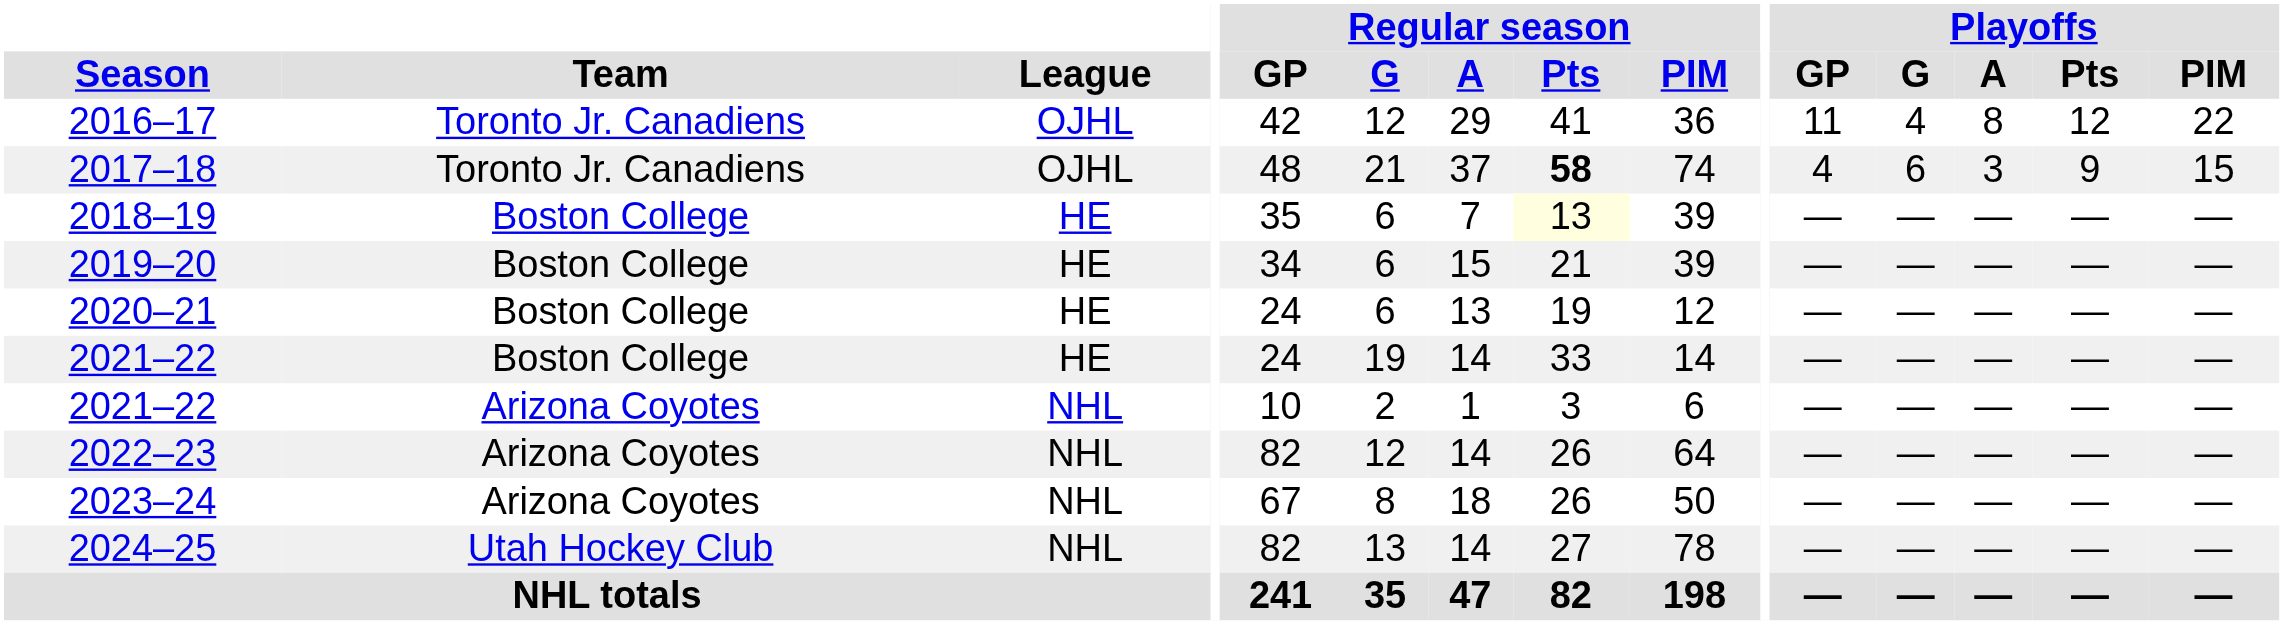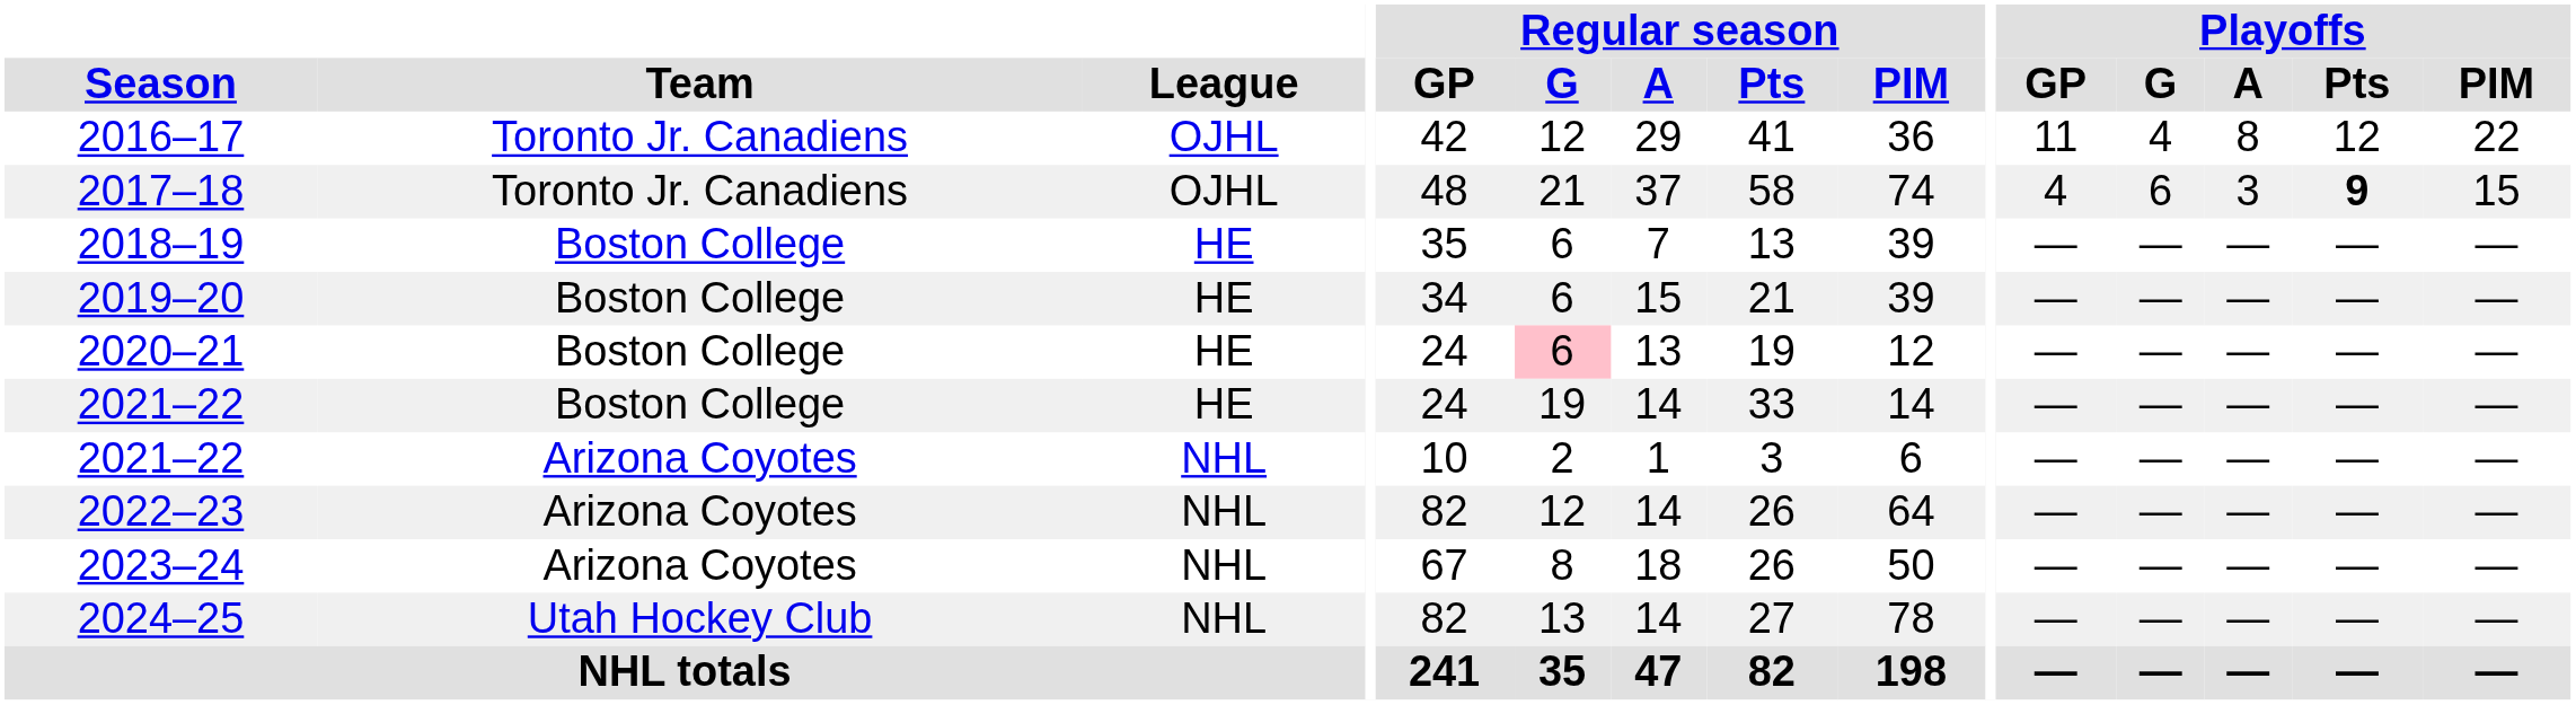 <table border="0" cellpadding="1" cellspacing="0" style="text-align:center; width:60em">
 <tr bgcolor="#e0e0e0">
 <th colspan="3" bgcolor="#ffffff"></th>
 <th rowspan="100" bgcolor="#ffffff"></th>
 <th colspan="5"><a href='#'>Regular season</a></th>
 <th rowspan="100" bgcolor="#ffffff"></th>
 <th colspan="5"><a href='#'>Playoffs</a></th>
 </tr>
 <tr bgcolor="#e0e0e0">
 <th><a href='#'>Season</a></th>
 <th>Team</th>
 <th>League</th>
 <th>GP</th>
 <th><a href='#'>G</a></th>
 <th><a href='#'>A</a></th>
 <th><a href='#'>Pts</a></th>
 <th><a href='#'>PIM</a></th>
 <th>GP</th>
 <th>G</th>
 <th>A</th>
 <th>Pts</th>
 <th>PIM</th>
 </tr>
 <tr>
 <td><a href='#'>2016–17</a></td>
 <td><a href='#'>Toronto Jr. Canadiens</a></td>
 <td><a href='#'>OJHL</a></td>
 <td>42</td>
 <td>12</td>
 <td>29</td>
 <td>41</td>
 <td>36</td>
 <td>11</td>
 <td>4</td>
 <td>8</td>
 <td>12</td>
 <td>22</td>
 </tr>
 <tr bgcolor="#f0f0f0">
 <td><a href='#'>2017–18</a></td>
 <td>Toronto Jr. Canadiens</td>
 <td>OJHL</td>
 <td>48</td>
 <td>21</td>
 <td>37</td>
-<td><strong>58</strong></td>
+<td>58</td>
 <td>74</td>
 <td>4</td>
 <td>6</td>
 <td>3</td>
-<td>9</td>
+<td><strong>9</strong></td>
 <td>15</td>
 </tr>
 <tr>
 <td><a href='#'>2018–19</a></td>
 <td><a href='#'>Boston College</a></td>
 <td><a href='#'>HE</a></td>
 <td>35</td>
 <td>6</td>
 <td>7</td>
-<td style="background: lightyellow;">13</td>
+<td>13</td>
 <td>39</td>
 <td>—</td>
 <td>—</td>
 <td>—</td>
 <td>—</td>
 <td>—</td>
 </tr>
 <tr bgcolor="#f0f0f0">
 <td><a href='#'>2019–20</a></td>
 <td>Boston College</td>
 <td>HE</td>
 <td>34</td>
 <td>6</td>
 <td>15</td>
 <td>21</td>
 <td>39</td>
 <td>—</td>
 <td>—</td>
 <td>—</td>
 <td>—</td>
 <td>—</td>
 </tr>
 <tr>
 <td><a href='#'>2020–21</a></td>
 <td>Boston College</td>
 <td>HE</td>
 <td>24</td>
-<td>6</td>
+<td style="background: pink;">6</td>
 <td>13</td>
 <td>19</td>
 <td>12</td>
 <td>—</td>
 <td>—</td>
 <td>—</td>
 <td>—</td>
 <td>—</td>
 </tr>
 <tr bgcolor="#f0f0f0">
 <td><a href='#'>2021–22</a></td>
 <td>Boston College</td>
 <td>HE</td>
 <td>24</td>
 <td>19</td>
 <td>14</td>
 <td>33</td>
 <td>14</td>
 <td>—</td>
 <td>—</td>
 <td>—</td>
 <td>—</td>
 <td>—</td>
 </tr>
 <tr>
 <td><a href='#'>2021–22</a></td>
 <td><a href='#'>Arizona Coyotes</a></td>
 <td><a href='#'>NHL</a></td>
 <td>10</td>
 <td>2</td>
 <td>1</td>
 <td>3</td>
 <td>6</td>
 <td>—</td>
 <td>—</td>
 <td>—</td>
 <td>—</td>
 <td>—</td>
 </tr>
 <tr bgcolor="#f0f0f0">
 <td><a href='#'>2022–23</a></td>
 <td>Arizona Coyotes</td>
 <td>NHL</td>
 <td>82</td>
 <td>12</td>
 <td>14</td>
 <td>26</td>
 <td>64</td>
 <td>—</td>
 <td>—</td>
 <td>—</td>
 <td>—</td>
 <td>—</td>
 </tr>
 <tr>
 <td><a href='#'>2023–24</a></td>
 <td>Arizona Coyotes</td>
 <td>NHL</td>
 <td>67</td>
 <td>8</td>
 <td>18</td>
 <td>26</td>
 <td>50</td>
 <td>—</td>
 <td>—</td>
 <td>—</td>
 <td>—</td>
 <td>—</td>
 </tr>
 <tr bgcolor="#f0f0f0">
 <td><a href='#'>2024–25</a></td>
 <td><a href='#'>Utah Hockey Club</a></td>
 <td>NHL</td>
 <td>82</td>
 <td>13</td>
 <td>14</td>
 <td>27</td>
 <td>78</td>
 <td>—</td>
 <td>—</td>
 <td>—</td>
 <td>—</td>
 <td>—</td>
 </tr>
 <tr bgcolor="#e0e0e0">
 <th colspan="3">NHL totals</th>
 <th>241</th>
 <th>35</th>
 <th>47</th>
 <th>82</th>
 <th>198</th>
 <th>—</th>
 <th>—</th>
 <th>—</th>
 <th>—</th>
 <th>—</th>
 </tr>
 </table>
